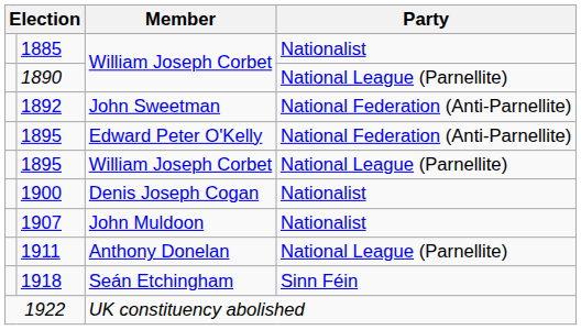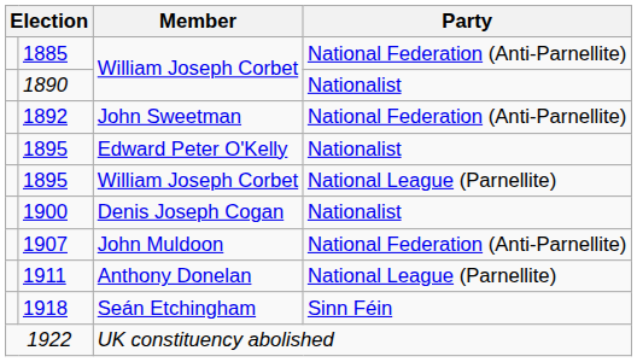 <table class="wikitable">
 <tr>
 <th colspan="2">Election</th>
 <th>Member</th>
 <th>Party</th>
 </tr>
 <tr>
 <td style="color:inherit;background-color: "></td>
 <td><a href='#'>1885</a></td>
 <td rowspan="2"><a href='#'>William Joseph Corbet</a></td>
-<td><a href='#'>Nationalist</a></td>
+<td><a href='#'>National Federation</a> (Anti-Parnellite)</td>
 </tr>
 <tr>
 <td style="color:inherit;background-color: "></td>
 <td><em>1890</em></td>
-<td><a href='#'>National League</a> (Parnellite)</td>
+<td><a href='#'>Nationalist</a></td>
 </tr>
 <tr>
 <td style="color:inherit;background-color: "></td>
 <td><a href='#'>1892</a></td>
 <td><a href='#'>John Sweetman</a></td>
 <td><a href='#'>National Federation</a> (Anti-Parnellite)</td>
 </tr>
 <tr>
 <td style="color:inherit;background-color: "></td>
 <td><a href='#'>1895</a></td>
 <td><a href='#'>Edward Peter O'Kelly</a></td>
-<td><a href='#'>National Federation</a> (Anti-Parnellite)</td>
+<td><a href='#'>Nationalist</a></td>
 </tr>
 <tr>
 <td style="color:inherit;background-color: "></td>
 <td><a href='#'>1895</a></td>
 <td><a href='#'>William Joseph Corbet</a></td>
 <td><a href='#'>National League</a> (Parnellite)</td>
 </tr>
 <tr>
 <td style="color:inherit;background-color: "></td>
 <td><a href='#'>1900</a></td>
 <td><a href='#'>Denis Joseph Cogan</a></td>
 <td><a href='#'>Nationalist</a></td>
 </tr>
 <tr>
 <td style="color:inherit;background-color: "></td>
 <td><a href='#'>1907</a></td>
 <td><a href='#'>John Muldoon</a></td>
-<td><a href='#'>Nationalist</a></td>
+<td><a href='#'>National Federation</a> (Anti-Parnellite)</td>
 </tr>
 <tr>
 <td style="color:inherit;background-color: "></td>
 <td><a href='#'>1911</a></td>
 <td><a href='#'>Anthony Donelan</a></td>
 <td><a href='#'>National League</a> (Parnellite)</td>
 </tr>
 <tr>
 <td style="color:inherit;background-color: "></td>
 <td><a href='#'>1918</a></td>
 <td><a href='#'>Seán Etchingham</a></td>
 <td><a href='#'>Sinn Féin</a></td>
 </tr>
 <tr>
 <td colspan="2" align="center"><em>1922</em></td>
 <td colspan="3"><em>UK constituency abolished</em></td>
 </tr>
 </table>
